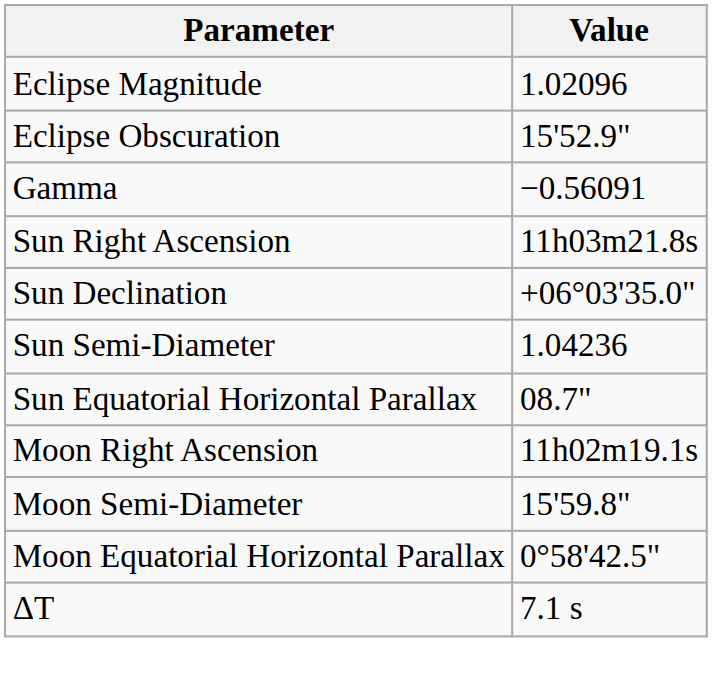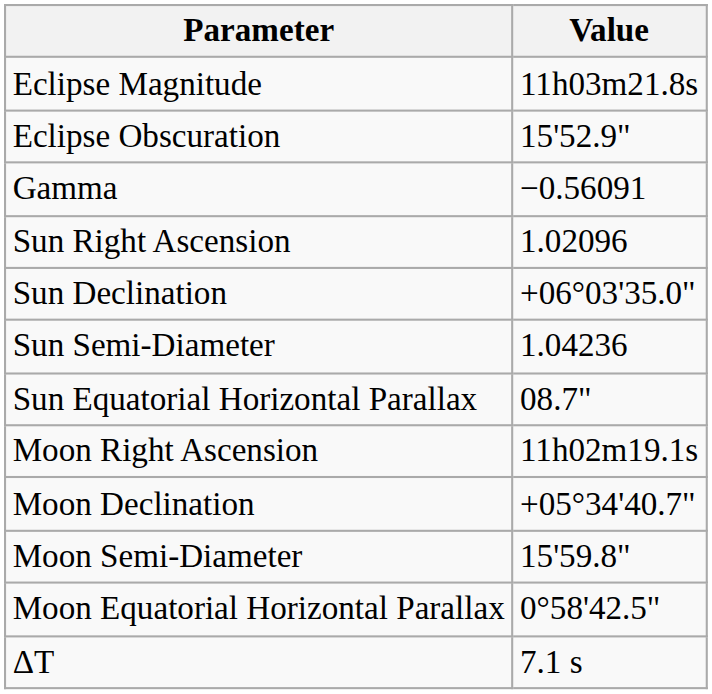 <table class="wikitable">
 <tr>
 <th>Parameter</th>
 <th>Value</th>
 </tr>
 <tr>
 <td>Eclipse Magnitude</td>
-<td>1.02096</td>
+<td>11h03m21.8s</td>
 </tr>
 <tr>
 <td>Eclipse Obscuration</td>
 <td>15'52.9"</td>
 </tr>
 <tr>
 <td>Gamma</td>
 <td>−0.56091</td>
 </tr>
 <tr>
 <td>Sun Right Ascension</td>
-<td>11h03m21.8s</td>
+<td>1.02096</td>
 </tr>
 <tr>
 <td>Sun Declination</td>
 <td>+06°03'35.0"</td>
 </tr>
 <tr>
 <td>Sun Semi-Diameter</td>
 <td>1.04236</td>
 </tr>
 <tr>
 <td>Sun Equatorial Horizontal Parallax</td>
 <td>08.7"</td>
 </tr>
 <tr>
 <td>Moon Right Ascension</td>
 <td>11h02m19.1s</td>
 </tr>
 <tr>
+<td>Moon Declination</td>
+<td>+05°34'40.7"</td>
+</tr>
+<tr>
 <td>Moon Semi-Diameter</td>
 <td>15'59.8"</td>
 </tr>
 <tr>
 <td>Moon Equatorial Horizontal Parallax</td>
 <td>0°58'42.5"</td>
 </tr>
 <tr>
 <td>ΔT</td>
 <td>7.1 s</td>
 </tr>
 </table>
